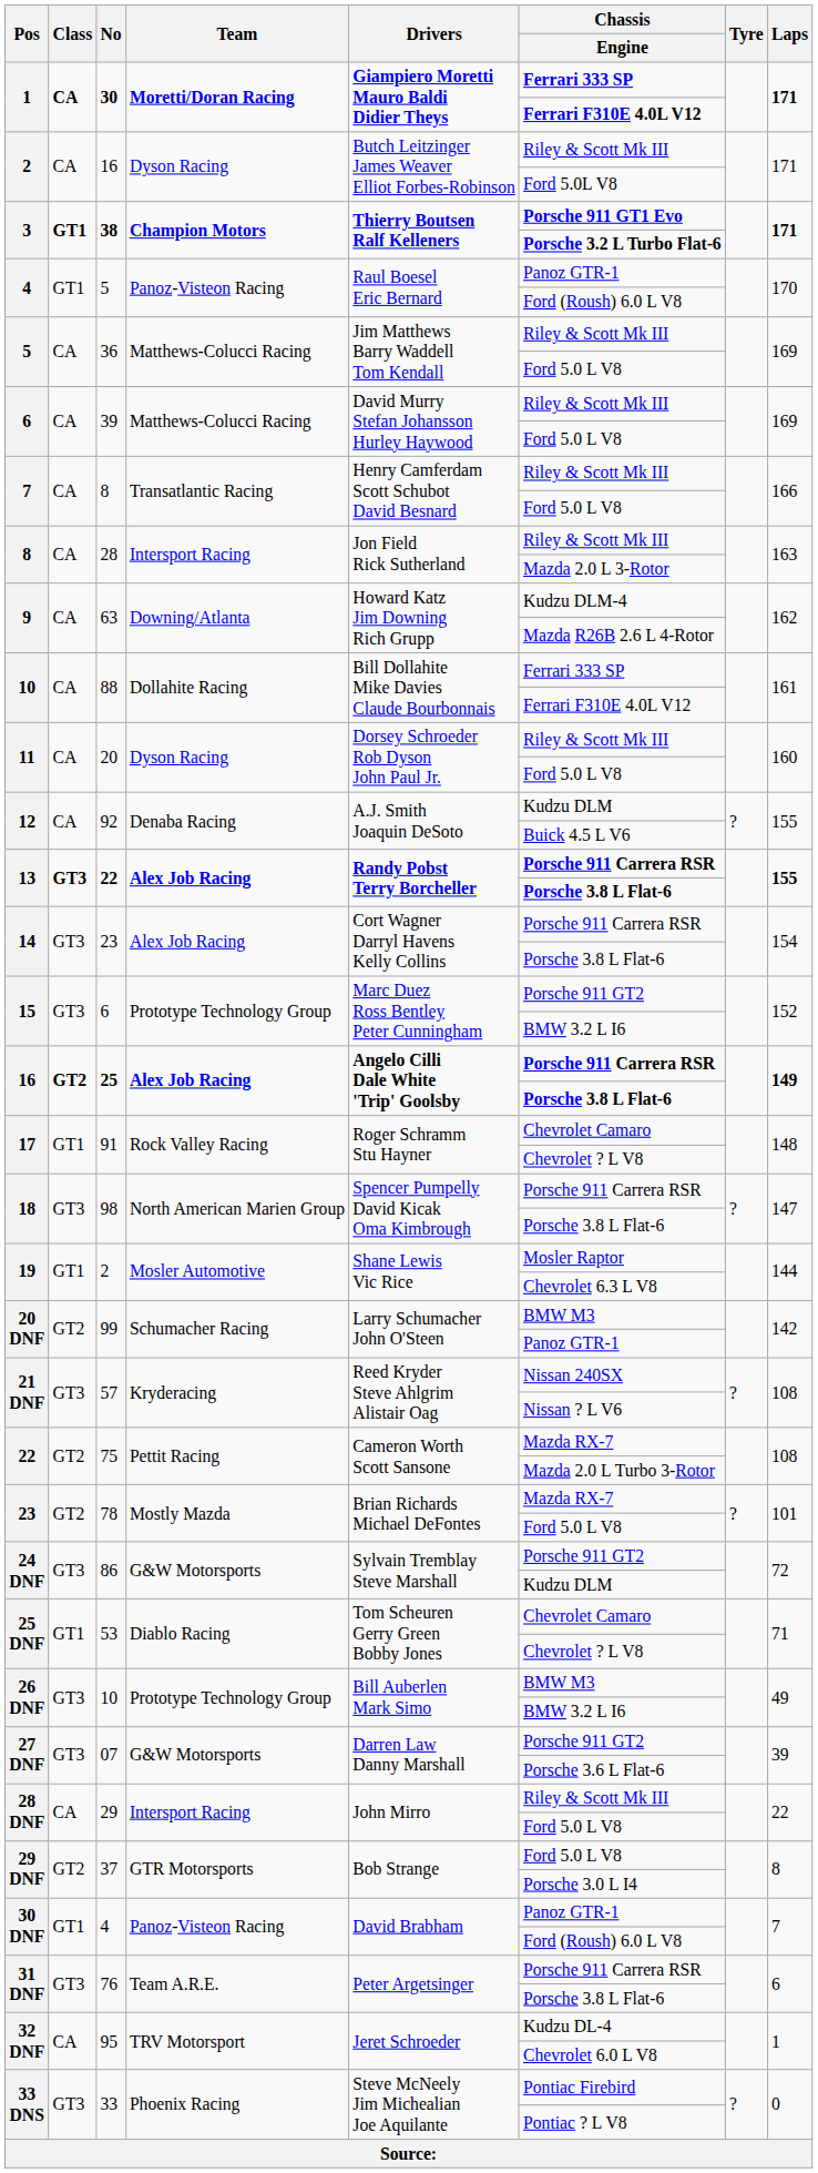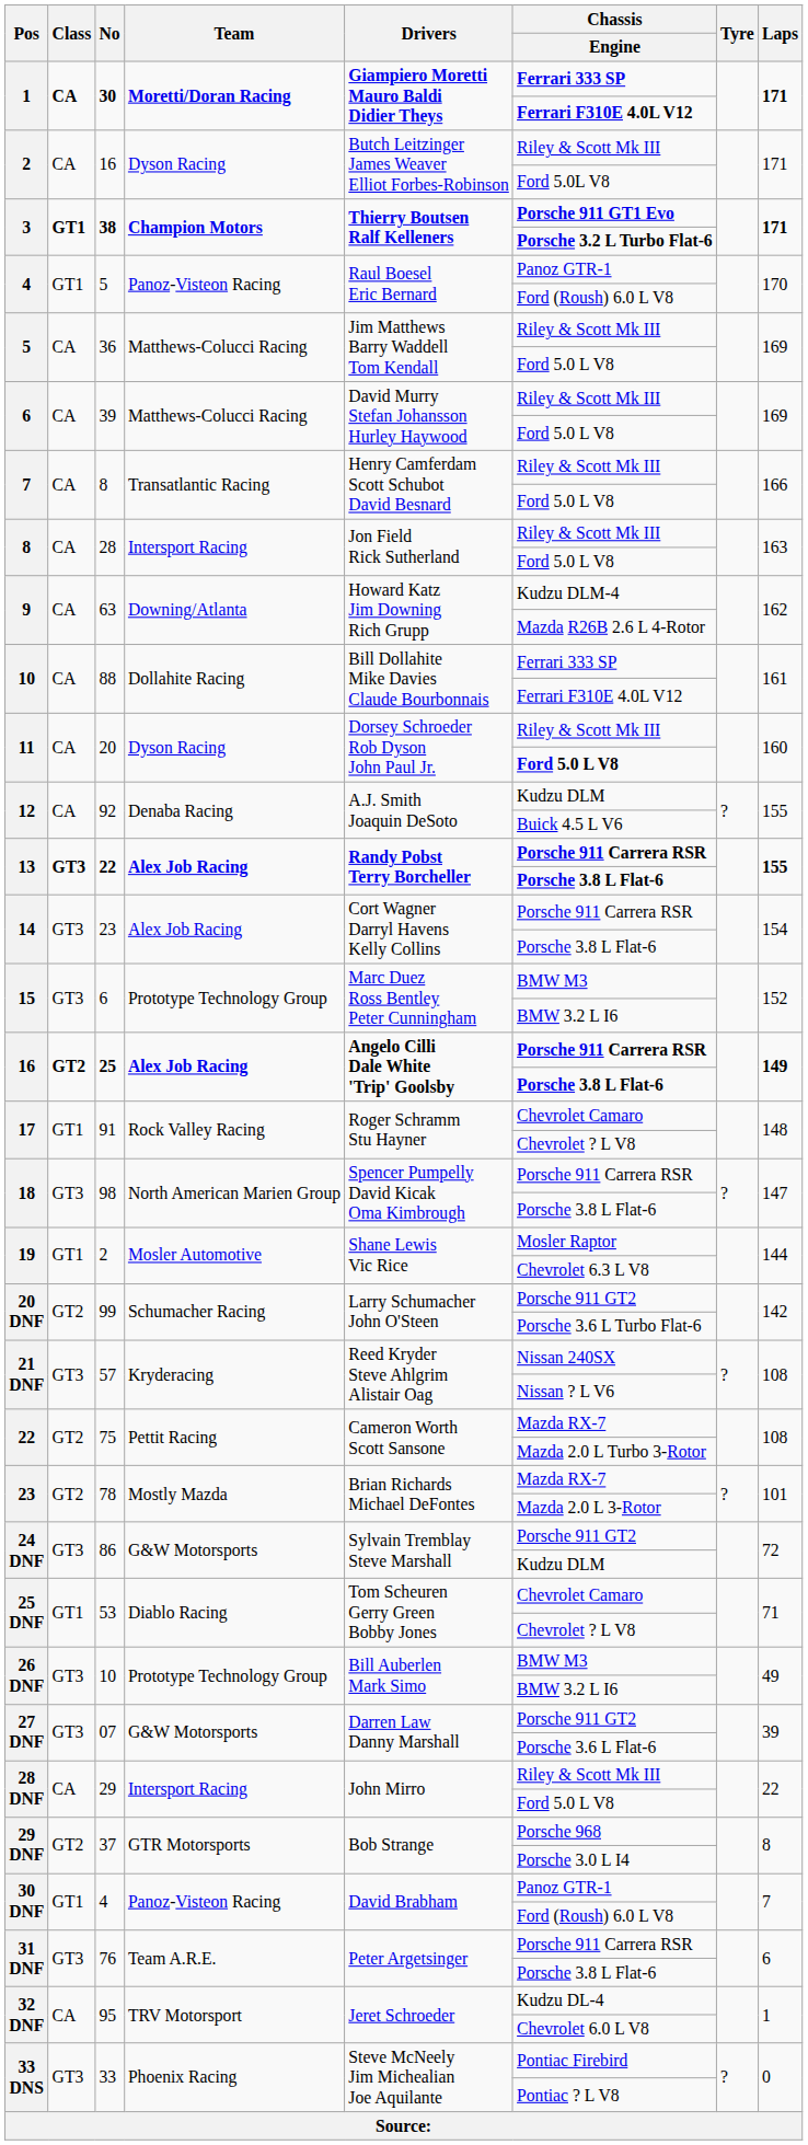 <table class="wikitable" style="font-size: 95%;">
 <tr>
 <th rowspan=2>Pos</th>
 <th rowspan=2>Class</th>
 <th rowspan=2>No</th>
 <th rowspan=2>Team</th>
 <th rowspan=2>Drivers</th>
 <th>Chassis</th>
 <th rowspan=2>Tyre</th>
 <th rowspan=2>Laps</th>
 </tr>
 <tr>
 <th>Engine</th>
 </tr>
 <tr>
 <th rowspan=2>1</th>
 <td rowspan=2><strong>CA</strong></td>
 <td rowspan=2><strong>30</strong></td>
 <td rowspan=2><strong> <a href='#'>Moretti/Doran Racing</a></strong></td>
 <td rowspan=2><strong> <a href='#'>Giampiero Moretti</a><br> <a href='#'>Mauro Baldi</a><br> <a href='#'>Didier Theys</a></strong></td>
 <td><strong><a href='#'>Ferrari 333 SP</a></strong></td>
 <td rowspan=2></td>
 <td rowspan=2><strong>171</strong></td>
 </tr>
 <tr>
 <td><strong><a href='#'>Ferrari F310E</a> 4.0L V12</strong></td>
 </tr>
 <tr>
 <th rowspan=2>2</th>
 <td rowspan=2>CA</td>
 <td rowspan=2>16</td>
 <td rowspan=2> <a href='#'>Dyson Racing</a></td>
 <td rowspan=2> <a href='#'>Butch Leitzinger</a><br> <a href='#'>James Weaver</a><br> <a href='#'>Elliot Forbes-Robinson</a></td>
 <td><a href='#'>Riley & Scott Mk III</a></td>
 <td rowspan=2></td>
 <td rowspan=2>171</td>
 </tr>
 <tr>
 <td><a href='#'>Ford</a> 5.0L V8</td>
 </tr>
 <tr>
 <th rowspan=2>3</th>
 <td rowspan=2><strong>GT1</strong></td>
 <td rowspan=2><strong>38</strong></td>
 <td rowspan=2><strong> <a href='#'>Champion Motors</a></strong></td>
 <td rowspan=2><strong> <a href='#'>Thierry Boutsen</a><br> <a href='#'>Ralf Kelleners</a></strong></td>
 <td><a href='#'><strong>Porsche 911 GT1 Evo</strong></a></td>
 <td rowspan=2></td>
 <td rowspan=2><strong>171</strong></td>
 </tr>
 <tr>
 <td><strong><a href='#'>Porsche</a> 3.2 L Turbo Flat-6</strong></td>
 </tr>
 <tr>
 <th rowspan=2>4</th>
 <td rowspan=2>GT1</td>
 <td rowspan=2>5</td>
 <td rowspan=2> <a href='#'>Panoz</a>-<a href='#'>Visteon</a> Racing</td>
 <td rowspan=2> <a href='#'>Raul Boesel</a><br> <a href='#'>Eric Bernard</a></td>
 <td><a href='#'>Panoz GTR-1</a></td>
 <td rowspan=2></td>
 <td rowspan=2>170</td>
 </tr>
 <tr>
 <td><a href='#'>Ford</a> (<a href='#'>Roush</a>) 6.0 L V8</td>
 </tr>
 <tr>
 <th rowspan=2>5</th>
 <td rowspan=2>CA</td>
 <td rowspan=2>36</td>
 <td rowspan=2> Matthews-Colucci Racing</td>
 <td rowspan=2> Jim Matthews<br> Barry Waddell<br> <a href='#'>Tom Kendall</a></td>
 <td><a href='#'>Riley & Scott Mk III</a></td>
 <td rowspan=2></td>
 <td rowspan=2>169</td>
 </tr>
 <tr>
 <td><a href='#'>Ford</a> 5.0 L V8</td>
 </tr>
 <tr>
 <th rowspan=2>6</th>
 <td rowspan=2>CA</td>
 <td rowspan=2>39</td>
 <td rowspan=2> Matthews-Colucci Racing</td>
 <td rowspan=2> David Murry<br> <a href='#'>Stefan Johansson</a><br> <a href='#'>Hurley Haywood</a></td>
 <td><a href='#'>Riley & Scott Mk III</a></td>
 <td rowspan=2></td>
 <td rowspan=2>169</td>
 </tr>
 <tr>
 <td><a href='#'>Ford</a> 5.0 L V8</td>
 </tr>
 <tr>
 <th rowspan=2>7</th>
 <td rowspan=2>CA</td>
 <td rowspan=2>8</td>
 <td rowspan=2> Transatlantic Racing</td>
 <td rowspan=2> Henry Camferdam<br> Scott Schubot<br> <a href='#'>David Besnard</a></td>
 <td><a href='#'>Riley & Scott Mk III</a></td>
 <td rowspan=2></td>
 <td rowspan=2>166</td>
 </tr>
 <tr>
 <td><a href='#'>Ford</a> 5.0 L V8</td>
 </tr>
 <tr>
 <th rowspan=2>8</th>
 <td rowspan=2>CA</td>
 <td rowspan=2>28</td>
 <td rowspan=2> <a href='#'>Intersport Racing</a></td>
 <td rowspan=2> Jon Field<br> Rick Sutherland</td>
 <td><a href='#'>Riley & Scott Mk III</a></td>
 <td rowspan=2></td>
 <td rowspan=2>163</td>
 </tr>
 <tr>
-<td><a href='#'>Mazda</a> 2.0 L 3-<a href='#'>Rotor</a></td>
+<td><a href='#'>Ford</a> 5.0 L V8</td>
 </tr>
 <tr>
 <th rowspan=2>9</th>
 <td rowspan=2>CA</td>
 <td rowspan=2>63</td>
 <td rowspan=2> <a href='#'>Downing/Atlanta</a></td>
 <td rowspan=2> Howard Katz<br> <a href='#'>Jim Downing</a><br> Rich Grupp</td>
 <td>Kudzu DLM-4</td>
 <td rowspan=2></td>
 <td rowspan=2>162</td>
 </tr>
 <tr>
 <td><a href='#'>Mazda</a> <a href='#'>R26B</a> 2.6 L 4-Rotor</td>
 </tr>
 <tr>
 <th rowspan=2>10</th>
 <td rowspan=2>CA</td>
 <td rowspan=2>88</td>
 <td rowspan=2> Dollahite Racing</td>
 <td rowspan=2> Bill Dollahite<br> Mike Davies<br> <a href='#'>Claude Bourbonnais</a></td>
 <td><a href='#'>Ferrari 333 SP</a></td>
 <td rowspan=2></td>
 <td rowspan=2>161</td>
 </tr>
 <tr>
 <td><a href='#'>Ferrari F310E</a> 4.0L V12</td>
 </tr>
 <tr>
 <th rowspan=2>11</th>
 <td rowspan=2>CA</td>
 <td rowspan=2>20</td>
 <td rowspan=2> <a href='#'>Dyson Racing</a></td>
 <td rowspan=2> <a href='#'>Dorsey Schroeder</a><br> <a href='#'>Rob Dyson</a><br> <a href='#'>John Paul Jr.</a></td>
 <td><a href='#'>Riley & Scott Mk III</a></td>
 <td rowspan=2></td>
 <td rowspan=2>160</td>
 </tr>
 <tr>
-<td><a href='#'>Ford</a> 5.0 L V8</td>
+<td><strong><a href='#'>Ford</a> 5.0 L V8</strong></td>
 </tr>
 <tr>
 <th rowspan=2>12</th>
 <td rowspan=2>CA</td>
 <td rowspan=2>92</td>
 <td rowspan=2> Denaba Racing</td>
 <td rowspan=2> A.J. Smith<br> Joaquin DeSoto</td>
 <td>Kudzu DLM</td>
 <td rowspan=2>?</td>
 <td rowspan=2>155</td>
 </tr>
 <tr>
 <td><a href='#'>Buick</a> 4.5 L V6</td>
 </tr>
 <tr>
 <th rowspan=2>13</th>
 <td rowspan=2><strong>GT3</strong></td>
 <td rowspan=2><strong>22</strong></td>
 <td rowspan=2><strong> <a href='#'>Alex Job Racing</a></strong></td>
 <td rowspan=2><strong> <a href='#'>Randy Pobst</a> <br> <a href='#'>Terry Borcheller</a></strong></td>
 <td><strong><a href='#'>Porsche 911</a> Carrera RSR</strong></td>
 <td rowspan=2></td>
 <td rowspan=2><strong>155</strong></td>
 </tr>
 <tr>
 <td><strong><a href='#'>Porsche</a> 3.8 L Flat-6</strong></td>
 </tr>
 <tr>
 <th rowspan=2>14</th>
 <td rowspan=2>GT3</td>
 <td rowspan=2>23</td>
 <td rowspan=2> <a href='#'>Alex Job Racing</a></td>
 <td rowspan=2> Cort Wagner<br> Darryl Havens<br> Kelly Collins</td>
 <td><a href='#'>Porsche 911</a> Carrera RSR</td>
 <td rowspan=2></td>
 <td rowspan=2>154</td>
 </tr>
 <tr>
 <td><a href='#'>Porsche</a> 3.8 L Flat-6</td>
 </tr>
 <tr>
 <th rowspan=2>15</th>
 <td rowspan=2>GT3</td>
 <td rowspan=2>6</td>
 <td rowspan=2> Prototype Technology Group</td>
 <td rowspan=2> <a href='#'>Marc Duez</a><br> <a href='#'>Ross Bentley</a><br> <a href='#'>Peter Cunningham</a></td>
-<td><a href='#'>Porsche 911 GT2</a></td>
+<td><a href='#'>BMW M3</a></td>
 <td rowspan=2></td>
 <td rowspan=2>152</td>
 </tr>
 <tr>
 <td><a href='#'>BMW</a> 3.2 L I6</td>
 </tr>
 <tr>
 <th rowspan=2>16</th>
 <td rowspan=2><strong>GT2</strong></td>
 <td rowspan=2><strong>25</strong></td>
 <td rowspan=2><strong> <a href='#'>Alex Job Racing</a></strong></td>
 <td rowspan=2><strong> Angelo Cilli<br> Dale White<br> 'Trip' Goolsby</strong></td>
 <td><strong><a href='#'>Porsche 911</a> Carrera RSR</strong></td>
 <td rowspan=2></td>
 <td rowspan=2><strong>149</strong></td>
 </tr>
 <tr>
 <td><strong><a href='#'>Porsche</a> 3.8 L Flat-6</strong></td>
 </tr>
 <tr>
 <th rowspan=2>17</th>
 <td rowspan=2>GT1</td>
 <td rowspan=2>91</td>
 <td rowspan=2> Rock Valley Racing</td>
 <td rowspan=2> Roger Schramm<br> Stu Hayner</td>
 <td><a href='#'>Chevrolet Camaro</a></td>
 <td rowspan=2></td>
 <td rowspan=2>148</td>
 </tr>
 <tr>
 <td><a href='#'>Chevrolet</a> ? L V8</td>
 </tr>
 <tr>
 <th rowspan=2>18</th>
 <td rowspan=2>GT3</td>
 <td rowspan=2>98</td>
 <td rowspan=2> North American Marien Group</td>
 <td rowspan=2> <a href='#'>Spencer Pumpelly</a><br> David Kicak<br> <a href='#'>Oma Kimbrough</a></td>
 <td><a href='#'>Porsche 911</a> Carrera RSR</td>
 <td rowspan=2>?</td>
 <td rowspan=2>147</td>
 </tr>
 <tr>
 <td><a href='#'>Porsche</a> 3.8 L Flat-6</td>
 </tr>
 <tr>
 <th rowspan=2>19</th>
 <td rowspan=2>GT1</td>
 <td rowspan=2>2</td>
 <td rowspan=2> <a href='#'>Mosler Automotive</a></td>
 <td rowspan=2> <a href='#'>Shane Lewis</a><br> Vic Rice</td>
 <td><a href='#'>Mosler Raptor</a></td>
 <td rowspan=2></td>
 <td rowspan=2>144</td>
 </tr>
 <tr>
 <td><a href='#'>Chevrolet</a> 6.3 L V8</td>
 </tr>
 <tr>
 <th rowspan=2>20<br>DNF</th>
 <td rowspan=2>GT2</td>
 <td rowspan=2>99</td>
 <td rowspan=2> Schumacher Racing</td>
 <td rowspan=2> Larry Schumacher<br> John O'Steen</td>
-<td><a href='#'>BMW M3</a></td>
+<td><a href='#'>Porsche 911 GT2</a></td>
 <td rowspan=2></td>
 <td rowspan=2>142</td>
 </tr>
 <tr>
-<td><a href='#'>Panoz GTR-1</a></td>
+<td><a href='#'>Porsche</a> 3.6 L Turbo Flat-6</td>
 </tr>
 <tr>
 <th rowspan=2>21<br>DNF</th>
 <td rowspan=2>GT3</td>
 <td rowspan=2>57</td>
 <td rowspan=2> Kryderacing</td>
 <td rowspan=2> Reed Kryder<br> Steve Ahlgrim<br> Alistair Oag</td>
 <td><a href='#'>Nissan 240SX</a></td>
 <td rowspan=2>?</td>
 <td rowspan=2>108</td>
 </tr>
 <tr>
 <td><a href='#'>Nissan</a> ? L V6</td>
 </tr>
 <tr>
 <th rowspan="2">22</th>
 <td rowspan="2">GT2</td>
 <td rowspan="2">75</td>
 <td rowspan="2"> Pettit Racing</td>
 <td rowspan="2"> Cameron Worth<br> Scott Sansone</td>
 <td><a href='#'>Mazda RX-7</a></td>
 <td rowspan="2"></td>
 <td rowspan="2">108</td>
 </tr>
 <tr>
 <td><a href='#'>Mazda</a> 2.0 L Turbo 3-<a href='#'>Rotor</a></td>
 </tr>
 <tr>
 <th rowspan="2">23</th>
 <td rowspan="2">GT2</td>
 <td rowspan="2">78</td>
 <td rowspan="2"> Mostly Mazda</td>
 <td rowspan="2"> Brian Richards<br> Michael DeFontes</td>
 <td><a href='#'>Mazda RX-7</a></td>
 <td rowspan="2">?</td>
 <td rowspan="2">101</td>
 </tr>
 <tr>
-<td><a href='#'>Ford</a> 5.0 L V8</td>
+<td><a href='#'>Mazda</a> 2.0 L 3-<a href='#'>Rotor</a></td>
 </tr>
 <tr>
 <th rowspan="2">24<br>DNF</th>
 <td rowspan="2">GT3</td>
 <td rowspan="2">86</td>
 <td rowspan="2"> G&W Motorsports</td>
 <td rowspan="2"> Sylvain Tremblay<br> Steve Marshall</td>
 <td><a href='#'>Porsche 911 GT2</a></td>
 <td rowspan="2"></td>
 <td rowspan="2">72</td>
 </tr>
 <tr>
 <td>Kudzu DLM</td>
 </tr>
 <tr>
 <th rowspan="2">25<br>DNF</th>
 <td rowspan="2">GT1</td>
 <td rowspan="2">53</td>
 <td rowspan="2"> Diablo Racing</td>
 <td rowspan="2"> Tom Scheuren<br> Gerry Green<br> Bobby Jones</td>
 <td><a href='#'>Chevrolet Camaro</a></td>
 <td rowspan="2"></td>
 <td rowspan="2">71</td>
 </tr>
 <tr>
 <td><a href='#'>Chevrolet</a> ? L V8</td>
 </tr>
 <tr>
 <th rowspan="2">26<br>DNF</th>
 <td rowspan="2">GT3</td>
 <td rowspan="2">10</td>
 <td rowspan="2"> Prototype Technology Group</td>
 <td rowspan="2"> <a href='#'>Bill Auberlen</a><br> <a href='#'>Mark Simo</a></td>
 <td><a href='#'>BMW M3</a></td>
 <td rowspan="2"></td>
 <td rowspan="2">49</td>
 </tr>
 <tr>
 <td><a href='#'>BMW</a> 3.2 L I6</td>
 </tr>
 <tr>
 <th rowspan="2">27<br>DNF</th>
 <td rowspan="2">GT3</td>
 <td rowspan="2">07</td>
 <td rowspan="2"> G&W Motorsports</td>
 <td rowspan="2"> <a href='#'>Darren Law</a><br> Danny Marshall</td>
 <td><a href='#'>Porsche 911 GT2</a></td>
 <td rowspan="2"></td>
 <td rowspan="2">39</td>
 </tr>
 <tr>
 <td><a href='#'>Porsche</a> 3.6 L Flat-6</td>
 </tr>
 <tr>
 <th rowspan="2">28<br>DNF</th>
 <td rowspan="2">CA</td>
 <td rowspan="2">29</td>
 <td rowspan="2"> <a href='#'>Intersport Racing</a></td>
 <td rowspan="2"> John Mirro</td>
 <td><a href='#'>Riley & Scott Mk III</a></td>
 <td rowspan="2"></td>
 <td rowspan="2">22</td>
 </tr>
 <tr>
 <td><a href='#'>Ford</a> 5.0 L V8</td>
 </tr>
 <tr>
 <th rowspan="2">29<br>DNF</th>
 <td rowspan="2">GT2</td>
 <td rowspan="2">37</td>
 <td rowspan="2"> GTR Motorsports</td>
 <td rowspan="2"> Bob Strange</td>
-<td><a href='#'>Ford</a> 5.0 L V8</td>
+<td><a href='#'>Porsche 968</a></td>
 <td rowspan="2"></td>
 <td rowspan="2">8</td>
 </tr>
 <tr>
 <td><a href='#'>Porsche</a> 3.0 L I4</td>
 </tr>
 <tr>
 <th rowspan="2">30<br>DNF</th>
 <td rowspan="2">GT1</td>
 <td rowspan="2">4</td>
 <td rowspan="2"> <a href='#'>Panoz</a>-<a href='#'>Visteon</a> Racing</td>
 <td rowspan="2"> <a href='#'>David Brabham</a></td>
 <td><a href='#'>Panoz GTR-1</a></td>
 <td rowspan="2"></td>
 <td rowspan="2">7</td>
 </tr>
 <tr>
 <td><a href='#'>Ford</a> (<a href='#'>Roush</a>) 6.0 L V8</td>
 </tr>
 <tr>
 <th rowspan="2">31<br>DNF</th>
 <td rowspan="2">GT3</td>
 <td rowspan="2">76</td>
 <td rowspan="2"> Team A.R.E.</td>
 <td rowspan="2"> <a href='#'>Peter Argetsinger</a></td>
 <td><a href='#'>Porsche 911</a> Carrera RSR</td>
 <td rowspan="2"></td>
 <td rowspan="2">6</td>
 </tr>
 <tr>
 <td><a href='#'>Porsche</a> 3.8 L Flat-6</td>
 </tr>
 <tr>
 <th rowspan="2">32<br>DNF</th>
 <td rowspan="2">CA</td>
 <td rowspan="2">95</td>
 <td rowspan="2"> TRV Motorsport</td>
 <td rowspan="2"> <a href='#'>Jeret Schroeder</a></td>
 <td>Kudzu DL-4</td>
 <td rowspan="2"></td>
 <td rowspan="2">1</td>
 </tr>
 <tr>
 <td><a href='#'>Chevrolet</a> 6.0 L V8</td>
 </tr>
 <tr>
 <th rowspan="2">33<br>DNS</th>
 <td rowspan="2">GT3</td>
 <td rowspan="2">33</td>
 <td rowspan="2"> Phoenix Racing</td>
 <td rowspan="2"> Steve McNeely<br> Jim Michealian<br> Joe Aquilante</td>
 <td><a href='#'>Pontiac Firebird</a></td>
 <td rowspan="2">?</td>
 <td rowspan="2">0</td>
 </tr>
 <tr>
 <td><a href='#'>Pontiac</a> ? L V8</td>
 </tr>
 <tr>
 <th colspan="8">Source:</th>
 </tr>
 </table>
